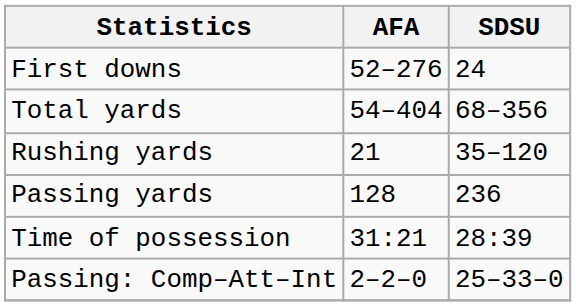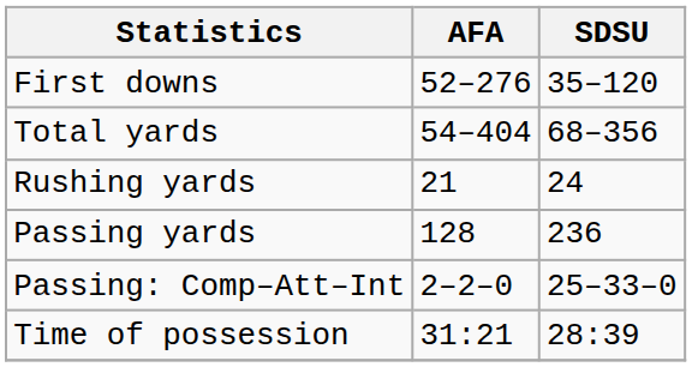 <table class="wikitable" style="float: left;">
 <tr>
 <th>Statistics</th>
 <th>AFA</th>
 <th>SDSU</th>
 </tr>
 <tr>
 <td>First downs</td>
 <td>52–276</td>
-<td>24</td>
+<td>35–120</td>
 </tr>
 <tr>
 <td>Total yards</td>
 <td>54–404</td>
 <td>68–356</td>
 </tr>
 <tr>
 <td>Rushing yards</td>
 <td>21</td>
-<td>35–120</td>
+<td>24</td>
 </tr>
 <tr>
 <td>Passing yards</td>
 <td>128</td>
 <td>236</td>
 </tr>
 <tr>
+<td>Passing: Comp–Att–Int</td>
+<td>2–2–0</td>
+<td>25–33–0</td>
+</tr>
+<tr>
 <td>Time of possession</td>
 <td>31:21</td>
 <td>28:39</td>
 </tr>
 <tr>
-<td>Passing: Comp–Att–Int</td>
-<td>2–2–0</td>
-<td>25–33–0</td>
-</tr>
-<tr>
 </tr>
 </table>
